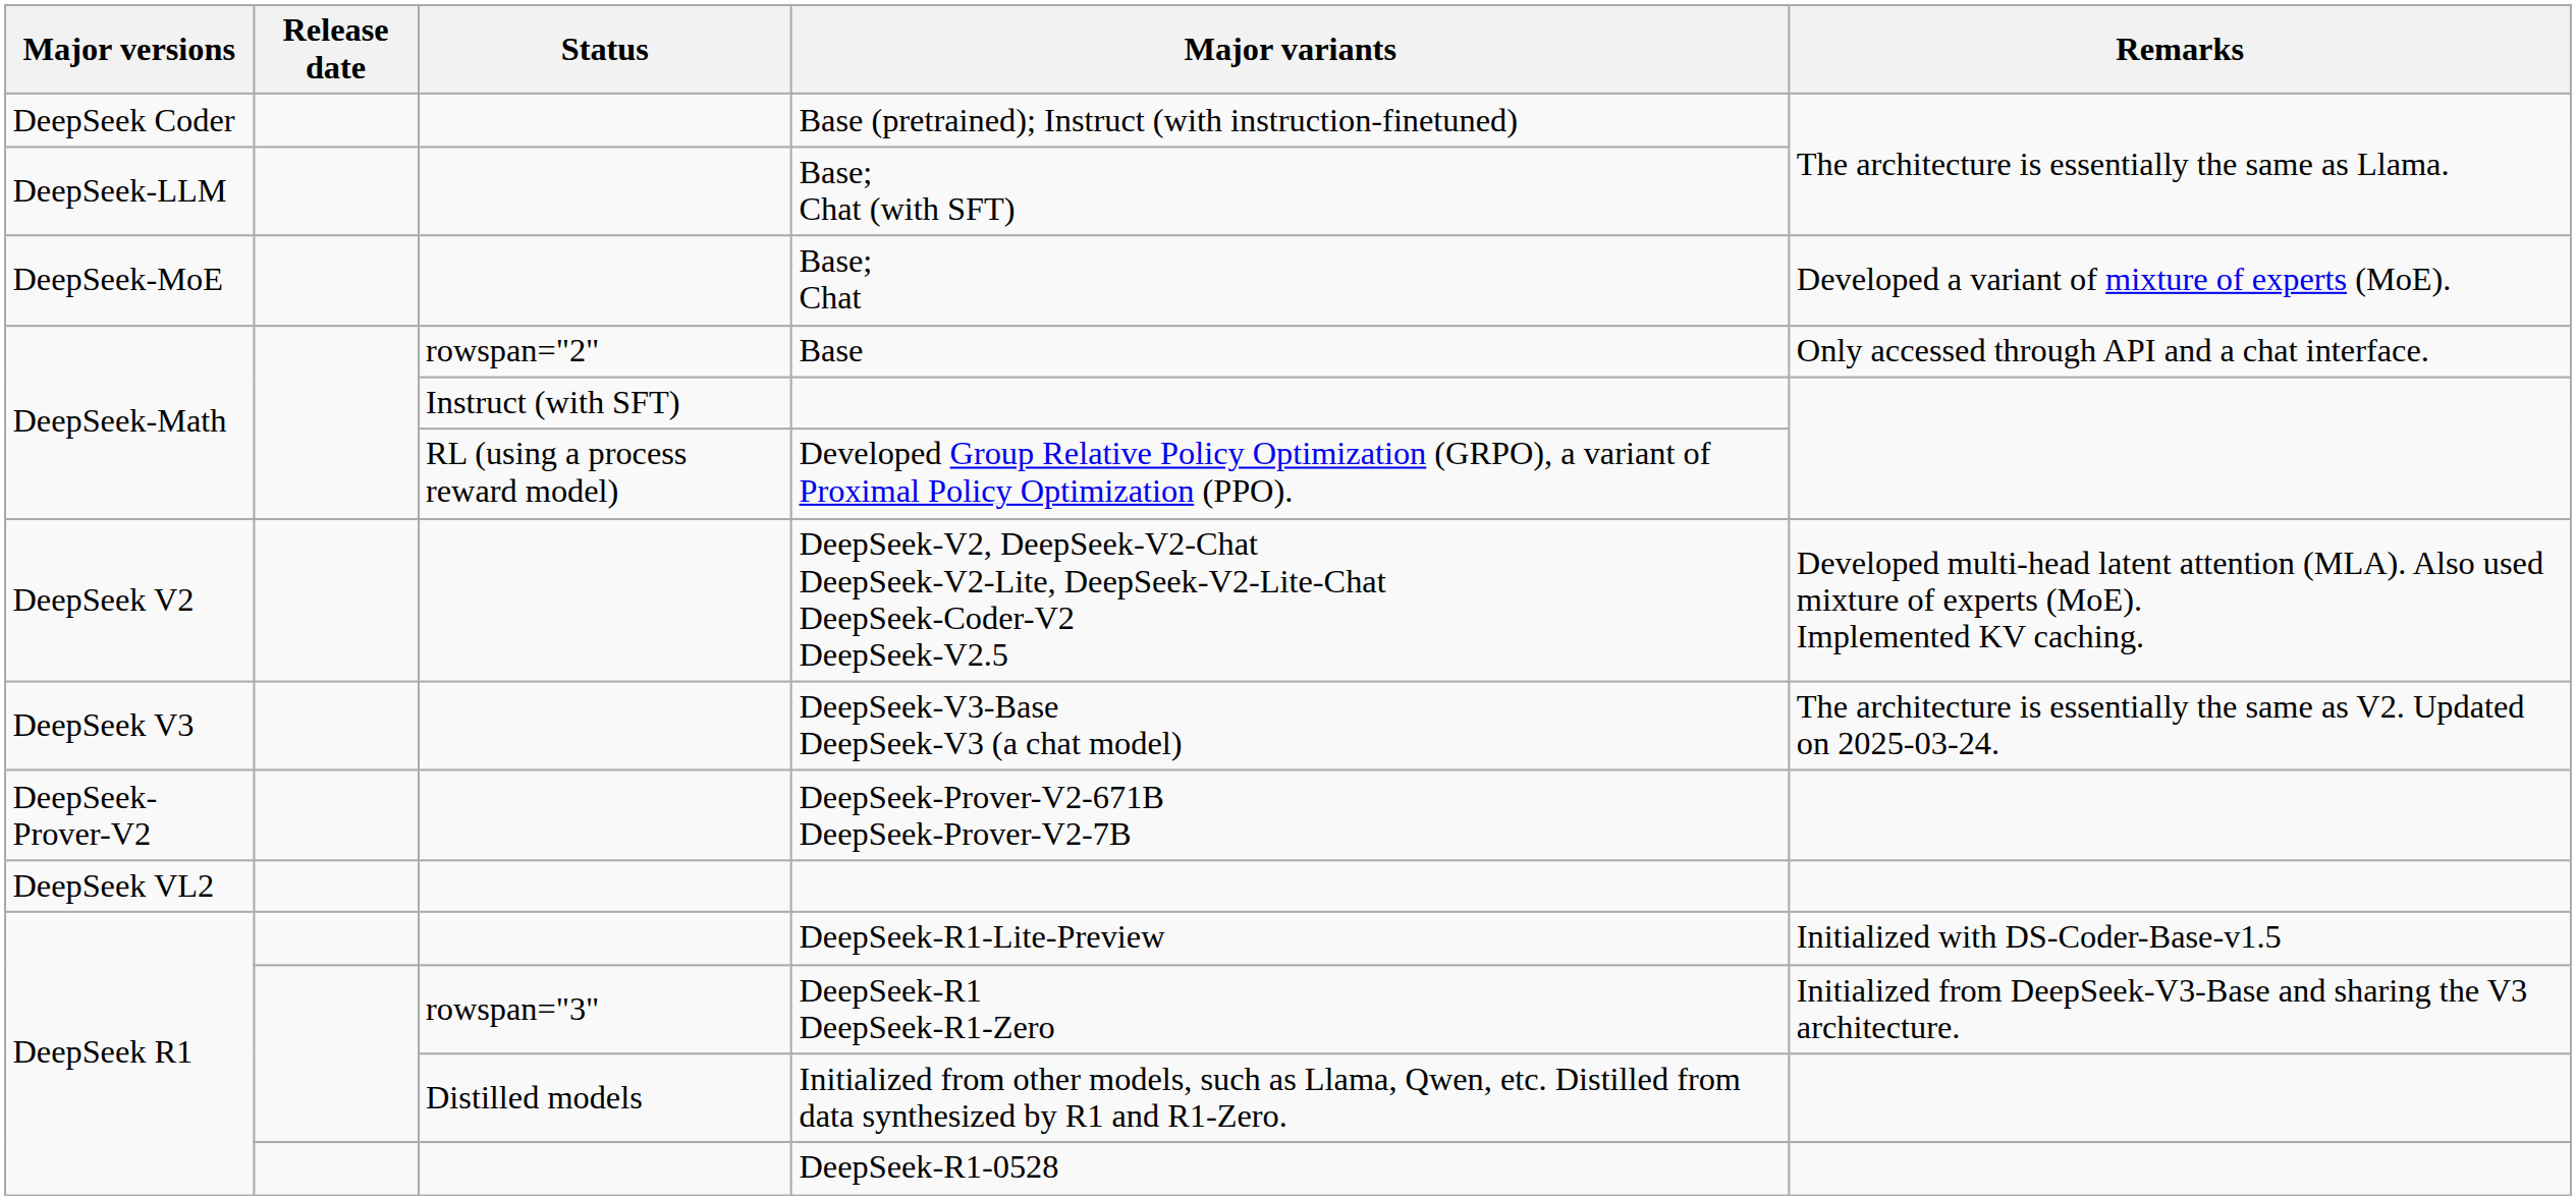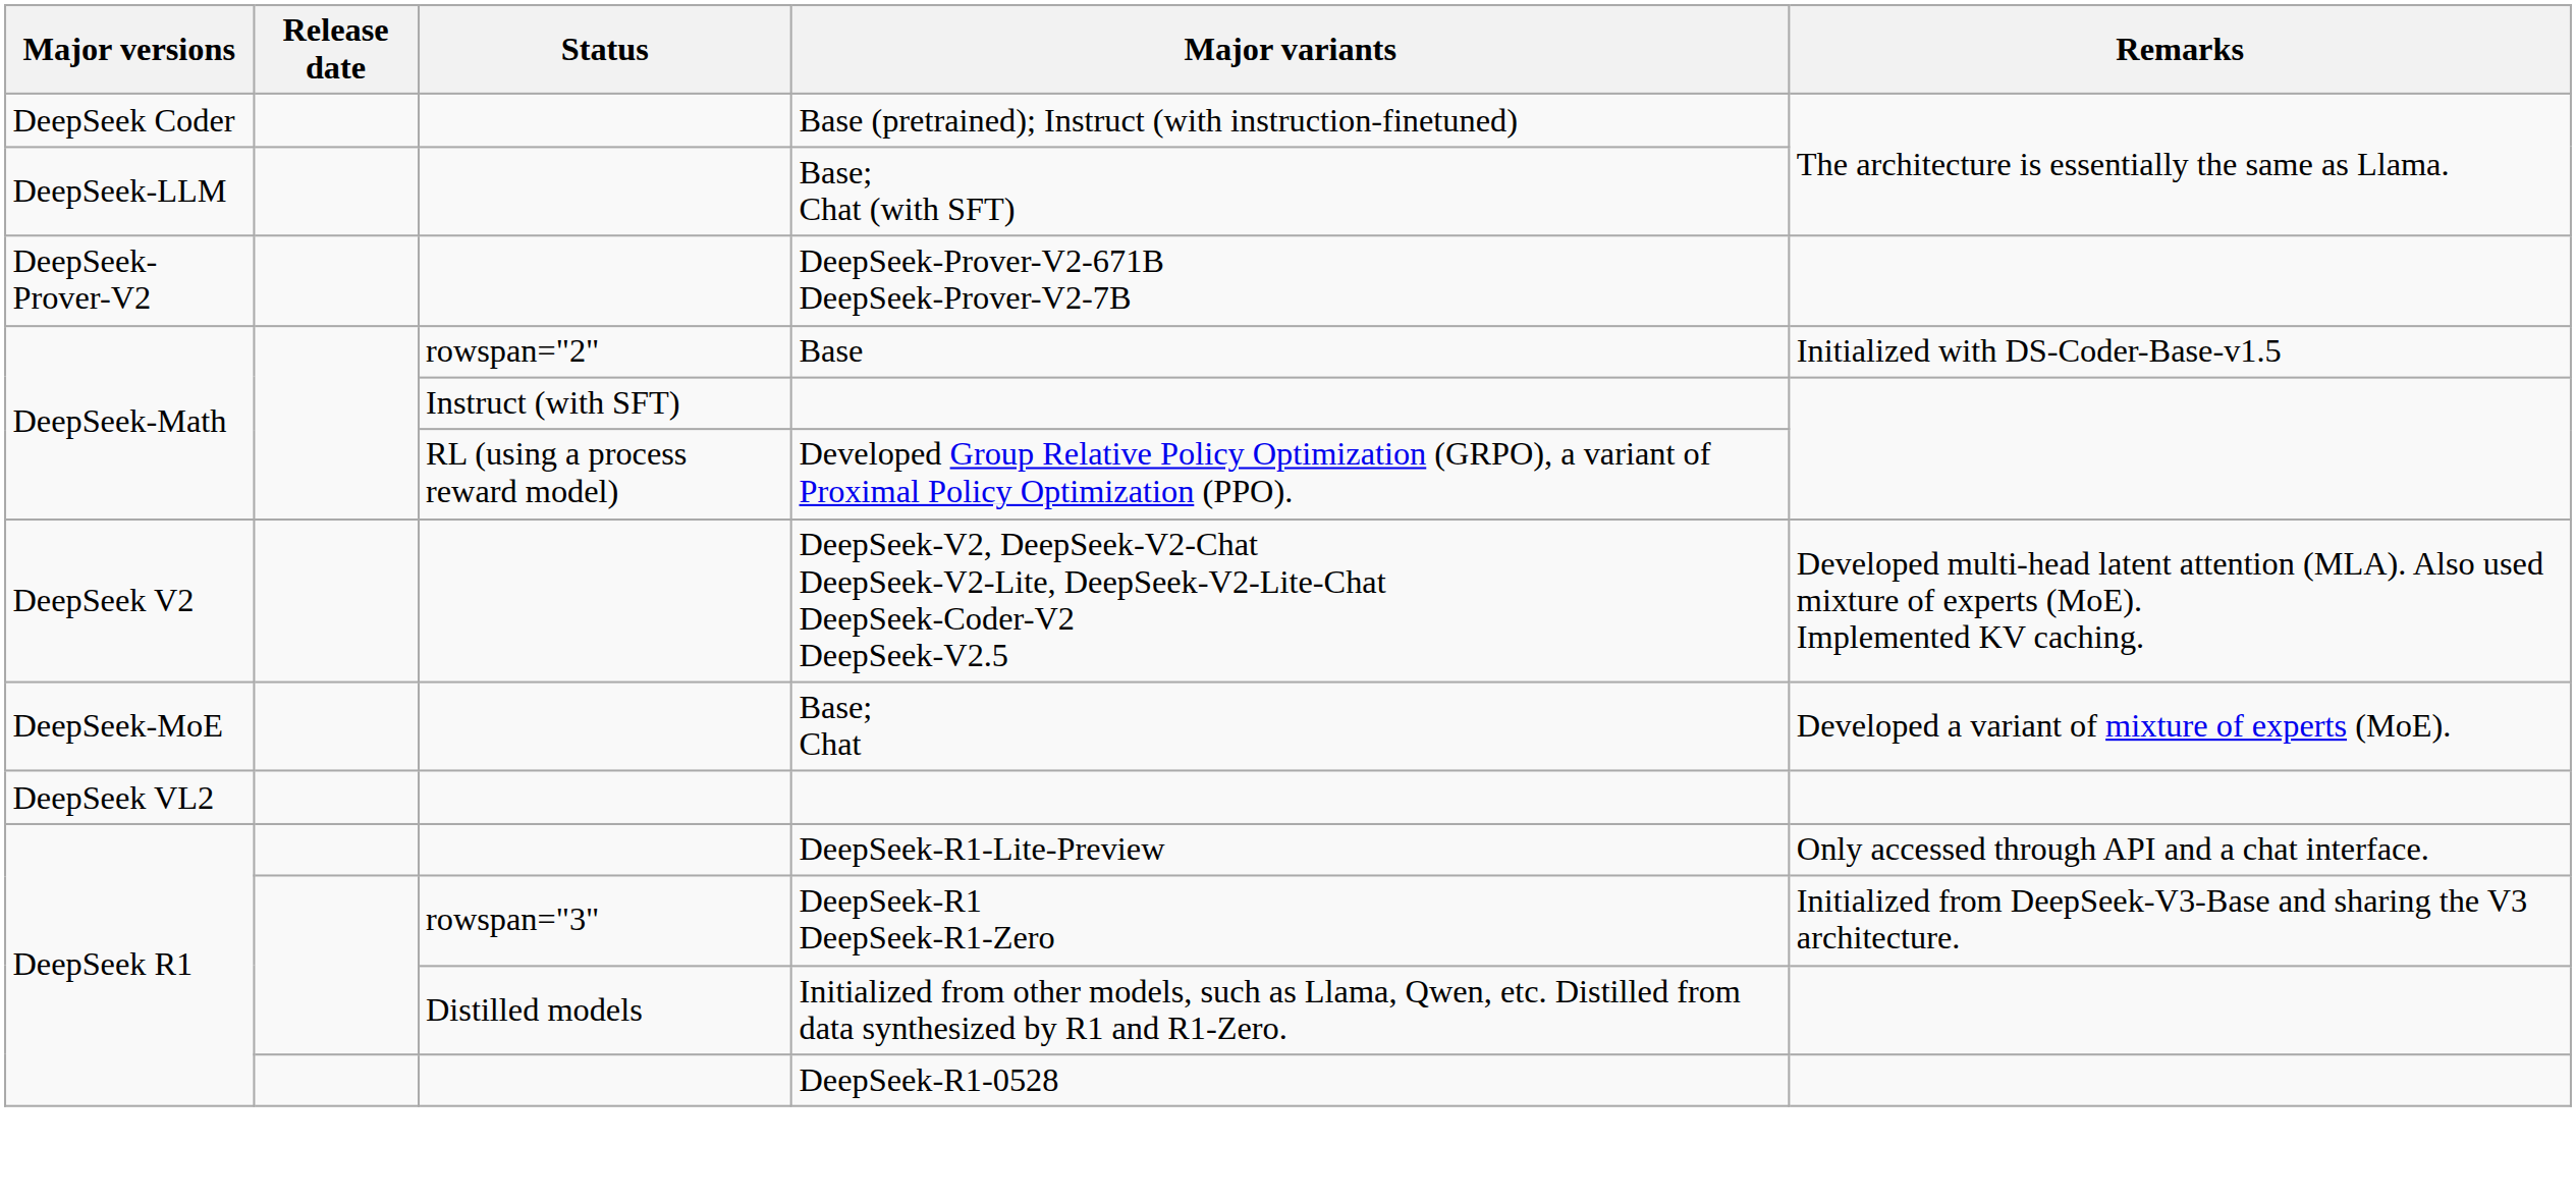 <table class="wikitable">
 <tr>
 <th>Major versions</th>
 <th>Release date</th>
 <th>Status</th>
 <th>Major variants</th>
 <th>Remarks</th>
 </tr>
 <tr>
 <td>DeepSeek Coder </td>
 <td></td>
 <td></td>
 <td>Base (pretrained); Instruct (with instruction-finetuned)</td>
 <td rowspan="2">The architecture is essentially the same as Llama.</td>
 </tr>
 <tr>
 <td>DeepSeek-LLM</td>
 <td></td>
 <td></td>
 <td>Base;<br>Chat (with SFT)</td>
 </tr>
 <tr>
-<td>DeepSeek-MoE</td>
+<td>DeepSeek-Prover-V2</td>
 <td></td>
 <td></td>
-<td>Base;<br>Chat</td>
-<td>Developed a variant of <a href='#'>mixture of experts</a> (MoE).</td>
+<td>DeepSeek-Prover-V2-671B<br>DeepSeek-Prover-V2-7B</td>
+<td></td>
 </tr>
 <tr>
 <td rowspan="3">DeepSeek-Math</td>
 <td rowspan="3"></td>
 <td>rowspan="2" </td>
 <td>Base</td>
-<td>Only accessed through API and a chat interface.</td>
+<td>Initialized with DS-Coder-Base-v1.5</td>
 </tr>
 <tr>
 <td>Instruct (with SFT)</td>
 <td></td>
 </tr>
 <tr>
 <td>RL (using a process reward model)</td>
 <td>Developed <a href='#'>Group Relative Policy Optimization</a> (GRPO), a variant of <a href='#'>Proximal Policy Optimization</a> (PPO).</td>
 </tr>
 <tr>
 </tr>
 <tr>
 <td>DeepSeek V2</td>
 <td></td>
 <td></td>
 <td>DeepSeek-V2, DeepSeek-V2-Chat<br>DeepSeek-V2-Lite, DeepSeek-V2-Lite-Chat<br>DeepSeek-Coder-V2<br>DeepSeek-V2.5</td>
 <td>Developed multi-head latent attention (MLA). Also used mixture of experts (MoE).<br>Implemented KV caching.</td>
 </tr>
 <tr>
-<td>DeepSeek V3</td>
+<td>DeepSeek-MoE</td>
 <td></td>
 <td></td>
-<td>DeepSeek-V3-Base<br>DeepSeek-V3 (a chat model)</td>
-<td>The architecture is essentially the same as V2. Updated on 2025-03-24.</td>
-</tr>
-<tr>
-<td>DeepSeek-Prover-V2</td>
-<td></td>
-<td></td>
-<td>DeepSeek-Prover-V2-671B<br>DeepSeek-Prover-V2-7B</td>
-<td></td>
+<td>Base;<br>Chat</td>
+<td>Developed a variant of <a href='#'>mixture of experts</a> (MoE).</td>
 </tr>
 <tr>
 <td>DeepSeek VL2</td>
 <td></td>
 <td></td>
 <td><br></td>
 </tr>
 <tr>
 <td rowspan="4">DeepSeek R1</td>
 <td></td>
 <td></td>
 <td>DeepSeek-R1-Lite-Preview</td>
-<td>Initialized with DS-Coder-Base-v1.5</td>
+<td>Only accessed through API and a chat interface.</td>
 </tr>
 <tr>
 <td rowspan="2"></td>
 <td>rowspan="3" </td>
 <td>DeepSeek-R1<br>DeepSeek-R1-Zero</td>
 <td>Initialized from DeepSeek-V3-Base and sharing the V3 architecture.</td>
 </tr>
 <tr>
 <td>Distilled models</td>
 <td>Initialized from other models, such as Llama, Qwen, etc. Distilled from data synthesized by R1 and R1-Zero.</td>
 </tr>
 <tr>
 <td></td>
 <td></td>
 <td>DeepSeek-R1-0528</td>
 <td></td>
 </tr>
 </table>
